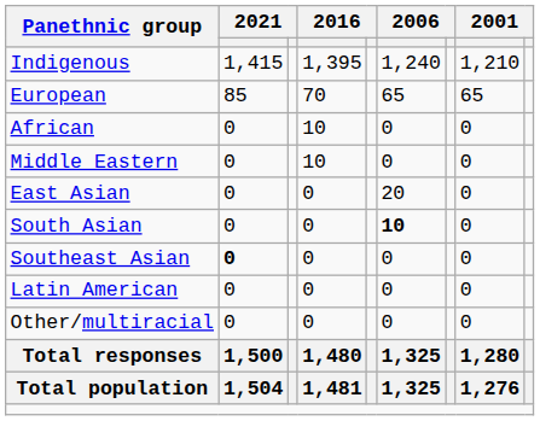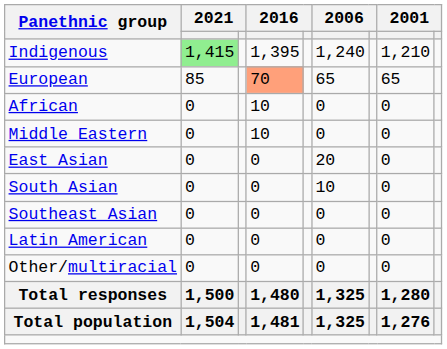 <table class="wikitable collapsible sortable">
 <tr>
 <th rowspan="2"><a href='#'>Panethnic</a> group</th>
 <th colspan="2">2021</th>
 <th colspan="2">2016</th>
 <th colspan="2">2006</th>
 <th colspan="2">2001</th>
 </tr>
 <tr>
 <th><a href='#'></a></th>
 <th></th>
 <th></th>
 <th></th>
 <th></th>
 <th></th>
 <th></th>
 <th></th>
 </tr>
 <tr>
 <td><a href='#'>Indigenous</a></td>
-<td>1,415</td>
+<td style="background: lightgreen;">1,415</td>
 <td></td>
 <td>1,395</td>
 <td></td>
 <td>1,240</td>
 <td></td>
 <td>1,210</td>
 <td></td>
 </tr>
 <tr>
 <td><a href='#'>European</a></td>
 <td>85</td>
 <td></td>
-<td>70</td>
+<td style="background: lightsalmon;">70</td>
 <td></td>
 <td>65</td>
 <td></td>
 <td>65</td>
 <td></td>
 </tr>
 <tr>
 <td><a href='#'>African</a></td>
 <td>0</td>
 <td></td>
 <td>10</td>
 <td></td>
 <td>0</td>
 <td></td>
 <td>0</td>
 <td></td>
 </tr>
 <tr>
 <td><a href='#'>Middle Eastern</a></td>
 <td>0</td>
 <td></td>
 <td>10</td>
 <td></td>
 <td>0</td>
 <td></td>
 <td>0</td>
 <td></td>
 </tr>
 <tr>
 <td><a href='#'>East Asian</a></td>
 <td>0</td>
 <td></td>
 <td>0</td>
 <td></td>
 <td>20</td>
 <td></td>
 <td>0</td>
 <td></td>
 </tr>
 <tr>
 <td><a href='#'>South Asian</a></td>
 <td>0</td>
 <td></td>
 <td>0</td>
 <td></td>
-<td><strong>10</strong></td>
+<td>10</td>
 <td></td>
 <td>0</td>
 <td></td>
 </tr>
 <tr>
 <td><a href='#'>Southeast Asian</a></td>
-<td><strong>0</strong></td>
+<td>0</td>
 <td></td>
 <td>0</td>
 <td></td>
 <td>0</td>
 <td></td>
 <td>0</td>
 <td></td>
 </tr>
 <tr>
 <td><a href='#'>Latin American</a></td>
 <td>0</td>
 <td></td>
 <td>0</td>
 <td></td>
 <td>0</td>
 <td></td>
 <td>0</td>
 <td></td>
 </tr>
 <tr>
 <td>Other/<a href='#'>multiracial</a></td>
 <td>0</td>
 <td></td>
 <td>0</td>
 <td></td>
 <td>0</td>
 <td></td>
 <td>0</td>
 <td></td>
 </tr>
 <tr>
 <th>Total responses</th>
 <th>1,500</th>
 <th></th>
 <th>1,480</th>
 <th></th>
 <th>1,325</th>
 <th></th>
 <th>1,280</th>
 <th></th>
 </tr>
 <tr class="sortbottom">
 <th>Total population</th>
 <th>1,504</th>
 <th></th>
 <th>1,481</th>
 <th></th>
 <th>1,325</th>
 <th></th>
 <th>1,276</th>
 <th></th>
 </tr>
 <tr class="sortbottom">
 <td colspan="11"></td>
 </tr>
 </table>
